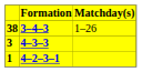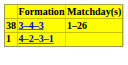 <table class="toccolours" border="0" cellpadding="2" cellspacing="0" align="center" style="margin: 0.5em 0 1em 1em; background: #000000; border: 1px #aaaaaa solid;">
 <tr bgcolor=#FFFF00>
 <th></th>
 <th>Formation</th>
 <th>Matchday(s)</th>
 </tr>
 <tr bgcolor=#FFFF00>
 <td><strong>38</strong></td>
 <td><a href='#'><span><strong>3–4–3</strong></span></a></td>
-<td>1–26</td>
-</tr>
-<tr bgcolor=#FFFF00>
-<td><strong>3</strong></td>
-<td><a href='#'><span><strong>4–3–3</strong></span></a></td>
-<td></td>
+<td><strong>1–26</strong></td>
 </tr>
 <tr bgcolor=#FFFF00>
 <td><strong>1</strong></td>
 <td><a href='#'><span><strong>4–2–3–1</strong></span></a></td>
 <td></td>
 </tr>
 </table>
